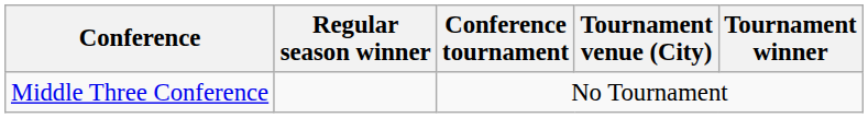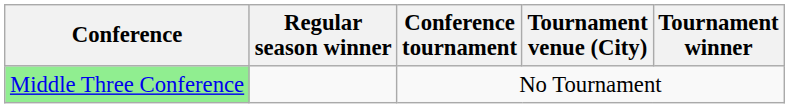 <table class="wikitable" style="text-align:center;">
 <tr>
 <th>Conference</th>
 <th>Regular <br> season winner</th>
 <th>Conference <br> tournament</th>
 <th>Tournament <br> venue (City)</th>
 <th>Tournament <br> winner</th>
 </tr>
 <tr>
-<td><a href='#'>Middle Three Conference</a></td>
+<td style="background: lightgreen;"><a href='#'>Middle Three Conference</a></td>
 <td></td>
 <td colspan=3>No Tournament</td>
 </tr>
 </table>
